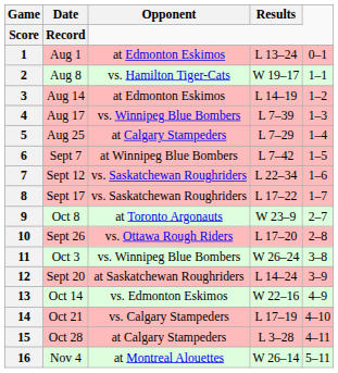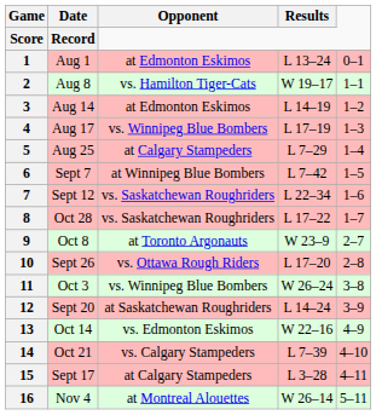 <table class="wikitable" style="text-align:center">
 <tr>
 <th>Game</th>
 <th>Date</th>
 <th>Opponent</th>
 <th>Results</th>
 </tr>
 <tr>
 <th>Score</th>
 <th>Record</th>
 </tr>
 <tr style="background:#ffbbbb">
 <th>1</th>
 <td>Aug 1</td>
 <td>at <a href='#'>Edmonton Eskimos</a></td>
 <td>L 13–24</td>
 <td>0–1</td>
 </tr>
 <tr style="background:#ddffdd">
 <th>2</th>
 <td>Aug 8</td>
 <td>vs. <a href='#'>Hamilton Tiger-Cats</a></td>
 <td>W 19–17</td>
 <td>1–1</td>
 </tr>
 <tr style="background:#ffbbbb">
 <th>3</th>
 <td>Aug 14</td>
 <td>at Edmonton Eskimos</td>
 <td>L 14–19</td>
 <td>1–2</td>
 </tr>
 <tr style="background:#ffbbbb">
 <th>4</th>
 <td>Aug 17</td>
 <td>vs. <a href='#'>Winnipeg Blue Bombers</a></td>
-<td>L 7–39</td>
+<td>L 17–19</td>
 <td>1–3</td>
 </tr>
 <tr style="background:#ffbbbb">
 <th>5</th>
 <td>Aug 25</td>
 <td>at <a href='#'>Calgary Stampeders</a></td>
 <td>L 7–29</td>
 <td>1–4</td>
 </tr>
 <tr style="background:#ffbbbb">
 <th>6</th>
 <td>Sept 7</td>
 <td>at Winnipeg Blue Bombers</td>
 <td>L 7–42</td>
 <td>1–5</td>
 </tr>
 <tr style="background:#ffbbbb">
 <th>7</th>
 <td>Sept 12</td>
 <td>vs. <a href='#'>Saskatchewan Roughriders</a></td>
 <td>L 22–34</td>
 <td>1–6</td>
 </tr>
 <tr style="background:#ffbbbb">
 <th>8</th>
-<td>Sept 17</td>
+<td>Oct 28</td>
 <td>vs. Saskatchewan Roughriders</td>
 <td>L 17–22</td>
 <td>1–7</td>
 </tr>
 <tr style="background:#ddffdd">
 <th>9</th>
 <td>Oct 8</td>
 <td>at <a href='#'>Toronto Argonauts</a></td>
 <td>W 23–9</td>
 <td>2–7</td>
 </tr>
 <tr style="background:#ffbbbb">
 <th>10</th>
 <td>Sept 26</td>
 <td>vs. <a href='#'>Ottawa Rough Riders</a></td>
 <td>L 17–20</td>
 <td>2–8</td>
 </tr>
 <tr style="background:#ddffdd">
 <th>11</th>
 <td>Oct 3</td>
 <td>vs. Winnipeg Blue Bombers</td>
 <td>W 26–24</td>
 <td>3–8</td>
 </tr>
 <tr style="background:#ffbbbb">
 <th>12</th>
 <td>Sept 20</td>
 <td>at Saskatchewan Roughriders</td>
 <td>L 14–24</td>
 <td>3–9</td>
 </tr>
 <tr style="background:#ddffdd">
 <th>13</th>
 <td>Oct 14</td>
 <td>vs. Edmonton Eskimos</td>
 <td>W 22–16</td>
 <td>4–9</td>
 </tr>
 <tr style="background:#ffbbbb">
 <th>14</th>
 <td>Oct 21</td>
 <td>vs. Calgary Stampeders</td>
-<td>L 17–19</td>
+<td>L 7–39</td>
 <td>4–10</td>
 </tr>
 <tr style="background:#ffbbbb">
 <th>15</th>
-<td>Oct 28</td>
+<td>Sept 17</td>
 <td>at Calgary Stampeders</td>
 <td>L 3–28</td>
 <td>4–11</td>
 </tr>
 <tr style="background:#ddffdd">
 <th>16</th>
 <td>Nov 4</td>
 <td>at <a href='#'>Montreal Alouettes</a></td>
 <td>W 26–14</td>
 <td>5–11</td>
 </tr>
 </table>
